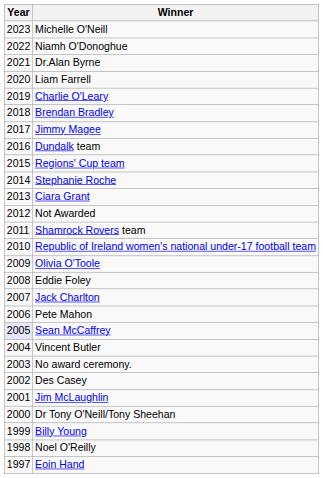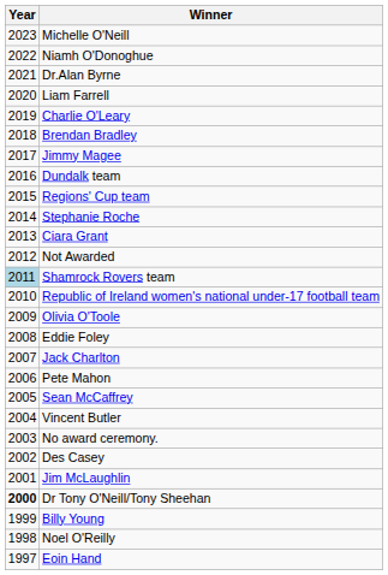 <table class="wikitable">
 <tr>
 <th>Year</th>
 <th>Winner</th>
 </tr>
 <tr>
 <td>2023</td>
 <td>Michelle O'Neill</td>
 </tr>
 <tr>
 <td>2022</td>
 <td>Niamh O'Donoghue</td>
 </tr>
 <tr>
 <td>2021</td>
 <td>Dr.Alan Byrne</td>
 </tr>
 <tr>
 <td>2020</td>
 <td>Liam Farrell</td>
 </tr>
 <tr>
 <td>2019</td>
 <td><a href='#'>Charlie O'Leary</a></td>
 </tr>
 <tr>
 <td>2018</td>
 <td><a href='#'>Brendan Bradley</a></td>
 </tr>
 <tr>
 <td>2017</td>
 <td><a href='#'>Jimmy Magee</a></td>
 </tr>
 <tr>
 <td>2016</td>
 <td><a href='#'>Dundalk</a> team</td>
 </tr>
 <tr>
 <td>2015</td>
 <td><a href='#'>Regions' Cup team</a></td>
 </tr>
 <tr>
 <td>2014</td>
 <td><a href='#'>Stephanie Roche</a></td>
 </tr>
 <tr>
 <td>2013</td>
 <td><a href='#'>Ciara Grant</a></td>
 </tr>
 <tr>
 <td>2012</td>
 <td>Not Awarded</td>
 </tr>
 <tr>
-<td>2011</td>
+<td style="background: lightblue;">2011</td>
 <td><a href='#'>Shamrock Rovers</a> team</td>
 </tr>
 <tr>
 <td>2010</td>
 <td><a href='#'>Republic of Ireland women's national under-17 football team</a></td>
 </tr>
 <tr>
 <td>2009</td>
 <td><a href='#'>Olivia O'Toole</a></td>
 </tr>
 <tr>
 <td>2008</td>
 <td>Eddie Foley</td>
 </tr>
 <tr>
 <td>2007</td>
 <td><a href='#'>Jack Charlton</a></td>
 </tr>
 <tr>
 <td>2006</td>
 <td>Pete Mahon</td>
 </tr>
 <tr>
-<td style="background: lavender;">2005</td>
+<td>2005</td>
 <td><a href='#'>Sean McCaffrey</a></td>
 </tr>
 <tr>
 <td>2004</td>
 <td>Vincent Butler</td>
 </tr>
 <tr>
 <td>2003</td>
 <td>No award ceremony.</td>
 </tr>
 <tr>
 <td>2002</td>
 <td>Des Casey</td>
 </tr>
 <tr>
 <td>2001</td>
 <td><a href='#'>Jim McLaughlin</a></td>
 </tr>
 <tr>
-<td>2000</td>
+<td><strong>2000</strong></td>
 <td>Dr Tony O'Neill/Tony Sheehan</td>
 </tr>
 <tr>
 <td>1999</td>
 <td><a href='#'>Billy Young</a></td>
 </tr>
 <tr>
 <td>1998</td>
 <td>Noel O'Reilly</td>
 </tr>
 <tr>
 <td>1997</td>
 <td><a href='#'>Eoin Hand</a></td>
 </tr>
 </table>
